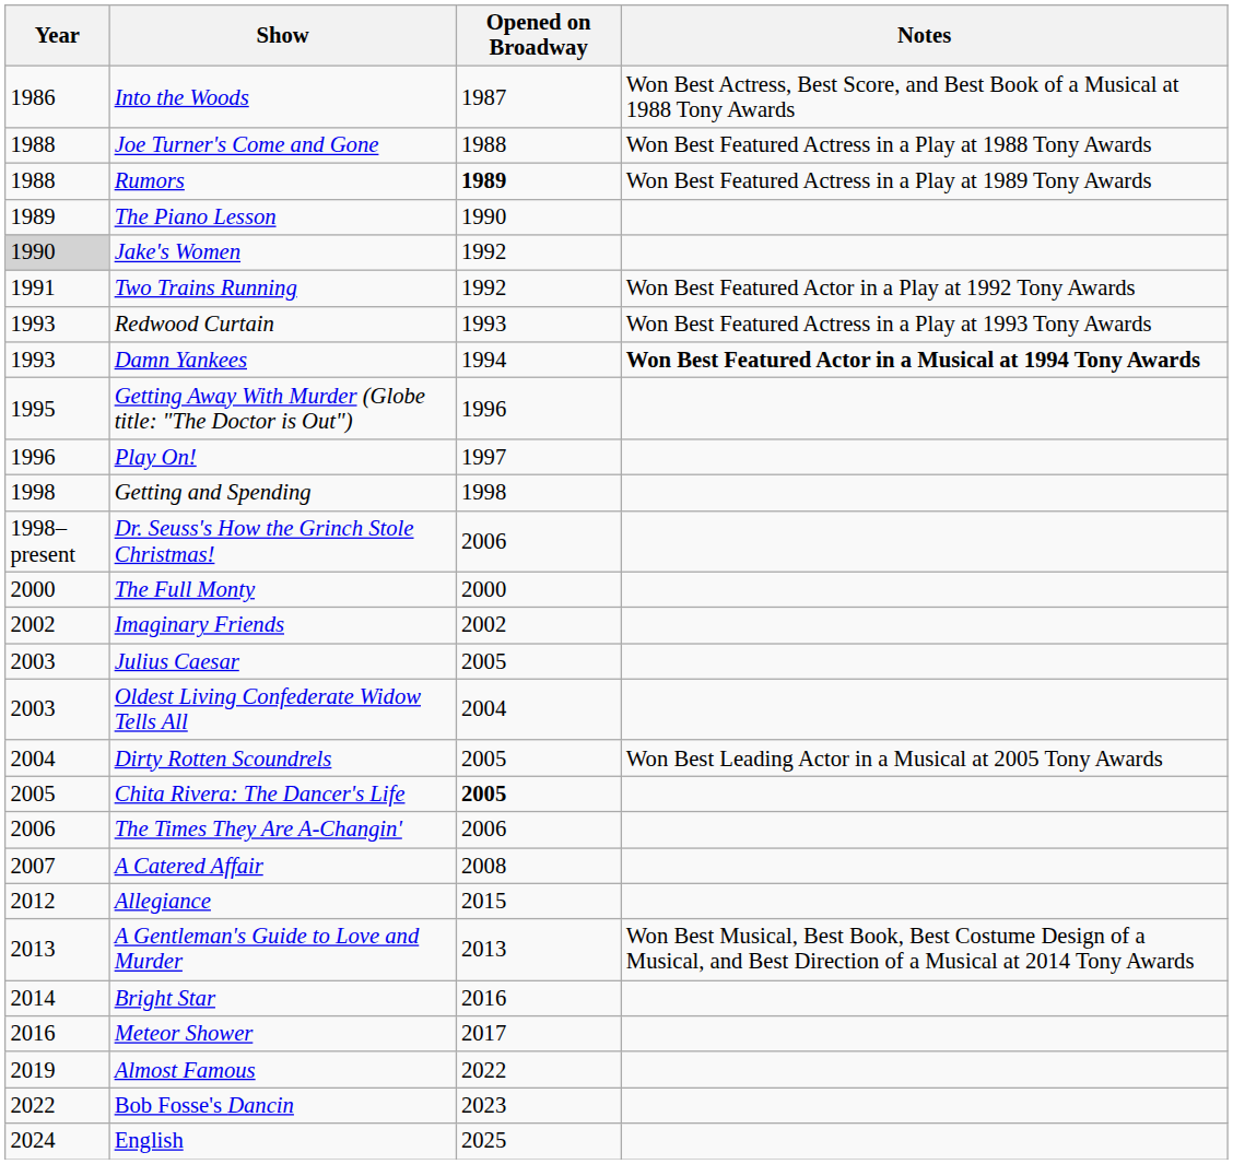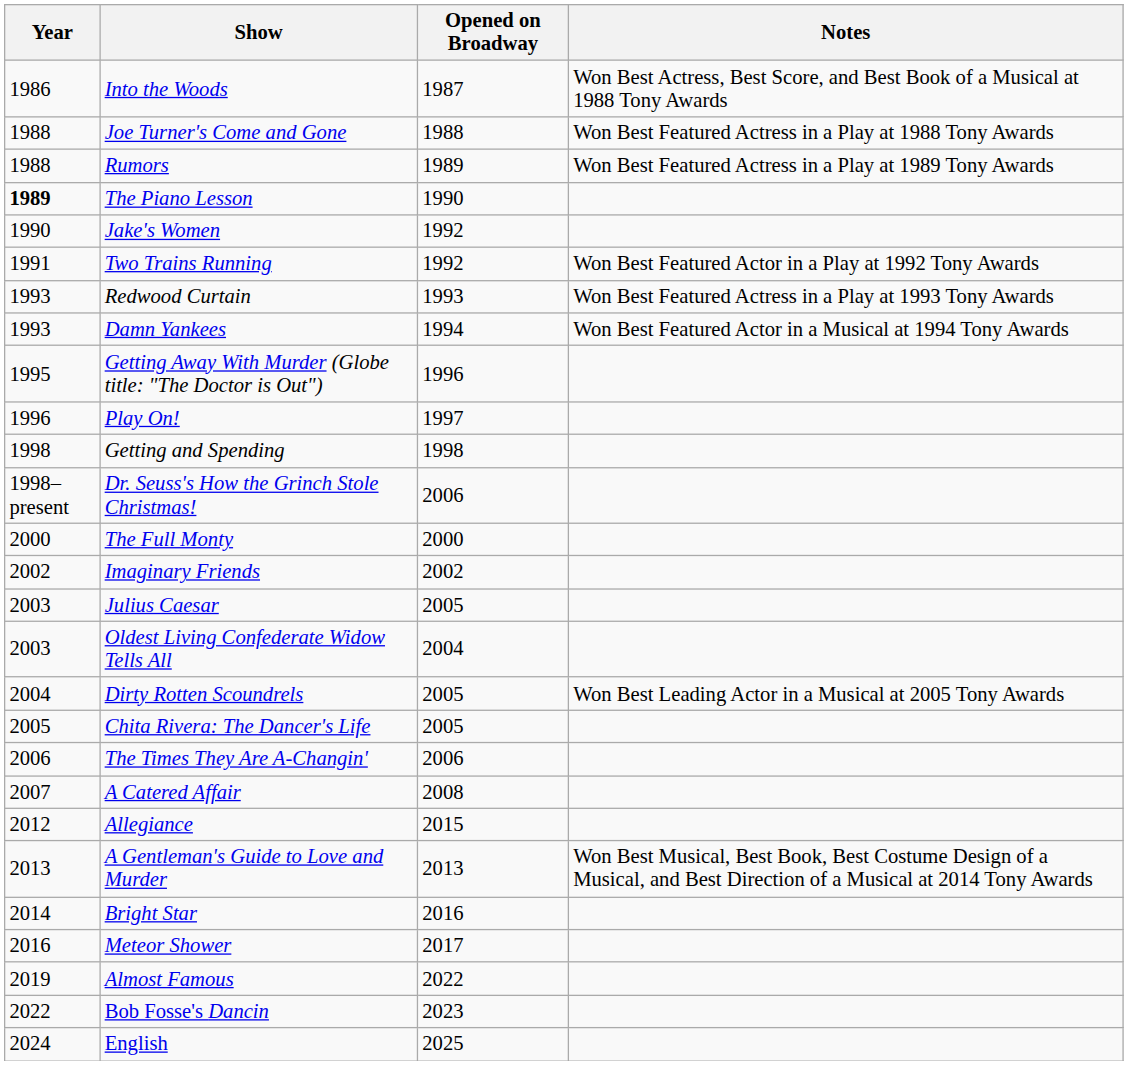 <table class="wikitable">
 <tr>
 <th>Year</th>
 <th>Show</th>
 <th>Opened on Broadway</th>
 <th>Notes</th>
 </tr>
 <tr>
 <td>1986</td>
 <td><em><a href='#'>Into the Woods</a></em></td>
 <td>1987</td>
 <td>Won Best Actress, Best Score, and Best Book of a Musical at 1988 Tony Awards</td>
 </tr>
 <tr>
 <td>1988</td>
 <td><em><a href='#'>Joe Turner's Come and Gone</a></em></td>
 <td>1988</td>
 <td>Won Best Featured Actress in a Play at 1988 Tony Awards</td>
 </tr>
 <tr>
 <td>1988</td>
 <td><em><a href='#'>Rumors</a></em></td>
-<td><strong>1989</strong></td>
+<td>1989</td>
 <td>Won Best Featured Actress in a Play at 1989 Tony Awards</td>
 </tr>
 <tr>
-<td>1989</td>
+<td><strong>1989</strong></td>
 <td><em><a href='#'>The Piano Lesson</a></em></td>
 <td>1990</td>
 <td></td>
 </tr>
 <tr>
-<td style="background: lightgrey;">1990</td>
+<td>1990</td>
 <td><em><a href='#'>Jake's Women</a></em></td>
 <td>1992</td>
 <td></td>
 </tr>
 <tr>
 <td>1991</td>
 <td><em><a href='#'>Two Trains Running</a></em></td>
 <td>1992</td>
 <td>Won Best Featured Actor in a Play at 1992 Tony Awards</td>
 </tr>
 <tr>
 <td>1993</td>
 <td><em>Redwood Curtain</em></td>
 <td>1993</td>
 <td>Won Best Featured Actress in a Play at 1993 Tony Awards</td>
 </tr>
 <tr>
 <td>1993</td>
 <td><em><a href='#'>Damn Yankees</a></em></td>
 <td>1994</td>
-<td><strong>Won Best Featured Actor in a Musical at 1994 Tony Awards</strong></td>
+<td>Won Best Featured Actor in a Musical at 1994 Tony Awards</td>
 </tr>
 <tr>
 <td>1995</td>
 <td><em><a href='#'>Getting Away With Murder</a> (Globe title: "The Doctor is Out")</em></td>
 <td>1996</td>
 <td></td>
 </tr>
 <tr>
 <td>1996</td>
 <td><em><a href='#'>Play On!</a></em></td>
 <td>1997</td>
 <td></td>
 </tr>
 <tr>
 <td>1998</td>
 <td><em>Getting and Spending</em></td>
 <td>1998</td>
 </tr>
 <tr>
 <td>1998–present</td>
 <td><em><a href='#'>Dr. Seuss's How the Grinch Stole Christmas!</a></em></td>
 <td>2006</td>
 <td></td>
 </tr>
 <tr>
 <td>2000</td>
 <td><em><a href='#'>The Full Monty</a></em></td>
 <td>2000</td>
 <td></td>
 </tr>
 <tr>
 <td>2002</td>
 <td><em><a href='#'>Imaginary Friends</a></em></td>
 <td>2002</td>
 <td></td>
 </tr>
 <tr>
 <td>2003</td>
 <td><em><a href='#'>Julius Caesar</a></em></td>
 <td>2005</td>
 <td></td>
 </tr>
 <tr>
 <td>2003</td>
 <td><em><a href='#'>Oldest Living Confederate Widow Tells All</a></em></td>
 <td>2004</td>
 <td></td>
 </tr>
 <tr>
 <td>2004</td>
 <td><em><a href='#'>Dirty Rotten Scoundrels</a></em></td>
 <td>2005</td>
 <td>Won Best Leading Actor in a Musical at 2005 Tony Awards</td>
 </tr>
 <tr>
 <td>2005</td>
 <td><em><a href='#'>Chita Rivera: The Dancer's Life</a></em></td>
-<td><strong>2005</strong></td>
+<td>2005</td>
 <td></td>
 </tr>
 <tr>
 <td>2006</td>
 <td><em><a href='#'>The Times They Are A-Changin'</a></em></td>
 <td>2006</td>
 <td></td>
 </tr>
 <tr>
 <td>2007</td>
 <td><em><a href='#'>A Catered Affair</a></em></td>
 <td>2008</td>
 <td></td>
 </tr>
 <tr>
 <td>2012</td>
 <td><em><a href='#'>Allegiance</a></em></td>
 <td>2015</td>
 <td></td>
 </tr>
 <tr>
 <td>2013</td>
 <td><em><a href='#'>A Gentleman's Guide to Love and Murder</a></em></td>
 <td>2013</td>
 <td>Won Best Musical, Best Book, Best Costume Design of a Musical, and Best Direction of a Musical at 2014 Tony Awards</td>
 </tr>
 <tr>
 <td>2014</td>
 <td><em><a href='#'>Bright Star</a></em></td>
 <td>2016</td>
 <td></td>
 </tr>
 <tr>
 <td>2016</td>
 <td><em><a href='#'>Meteor Shower</a></em></td>
 <td>2017</td>
 <td></td>
 </tr>
 <tr>
 <td>2019</td>
 <td><em><a href='#'>Almost Famous</a></em></td>
 <td>2022</td>
 <td></td>
 </tr>
 <tr>
 <td>2022</td>
 <td><a href='#'>Bob Fosse's <em>Dancin<strong></a></td>
 <td>2023</td>
 <td></td>
 </tr>
 <tr>
 <td>2024</td>
 <td></em><a href='#'>English</a><em></td>
 <td>2025</td>
 <td></td>
 </tr>
 </table>
